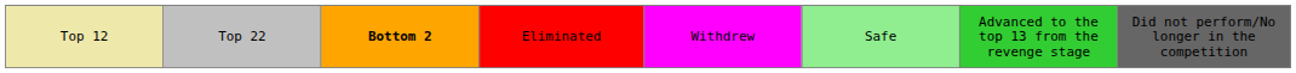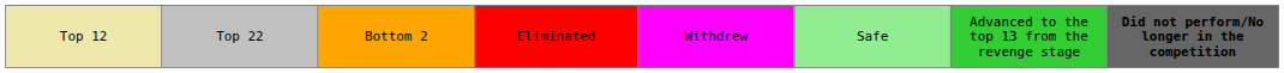 <table border="2" cellpadding="8" style="margin:1em auto; background:silver; border:1px solid gray; border-collapse:collapse; text-align:center;">
 <tr>
 </tr>
 <tr>
 <td style="background:palegoldenrod;" width="7%">Top 12</td>
 <td width="7%">Top 22</td>
-<td style="background:orange;" width="7%"><strong>Bottom 2</strong></td>
+<td style="background:orange;" width="7%">Bottom 2</td>
 <td style="background:red;" width="7%">Eliminated</td>
 <td style="background:magenta;" width="7%">Withdrew</td>
 <td style="background:lightgreen;" width="7%">Safe</td>
 <td style="background:limegreen;" width="7%">Advanced to the top 13 from the revenge stage</td>
-<td style="background:#666666;" width="7%">Did not perform/No longer in the competition</td>
+<td style="background:#666666;" width="7%"><strong>Did not perform/No longer in the competition</strong></td>
 </tr>
 </table>
